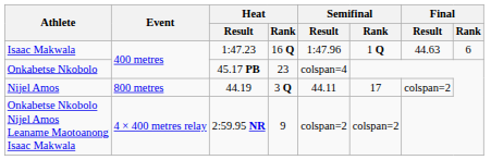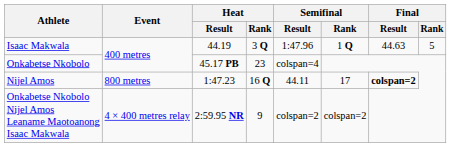 <table class="wikitable" style="font-size:90%">
 <tr>
 <th rowspan="2">Athlete</th>
 <th rowspan="2">Event</th>
 <th colspan="2">Heat</th>
 <th colspan="2">Semifinal</th>
 <th colspan="2">Final</th>
 </tr>
 <tr style="font-size:95%">
 <th>Result</th>
 <th>Rank</th>
 <th>Result</th>
 <th>Rank</th>
 <th>Result</th>
 <th>Rank</th>
 </tr>
 <tr style=text-align:center>
 <td style=text-align:left><a href='#'>Isaac Makwala</a></td>
 <td style=text-align:left rowspan=2><a href='#'>400 metres</a></td>
-<td>1:47.23</td>
-<td>16 <strong>Q</strong></td>
+<td>44.19</td>
+<td>3 <strong>Q</strong></td>
 <td>1:47.96</td>
 <td>1 <strong>Q</strong></td>
 <td>44.63</td>
-<td>6</td>
+<td>5</td>
 </tr>
 <tr style=text-align:center>
 <td style=text-align:left><a href='#'>Onkabetse Nkobolo</a></td>
 <td>45.17 <strong>PB</strong></td>
 <td>23</td>
 <td>colspan=4 </td>
 </tr>
 <tr style=text-align:center>
 <td style=text-align:left><a href='#'>Nijel Amos</a></td>
 <td style=text-align:left><a href='#'>800 metres</a></td>
-<td>44.19</td>
-<td>3 <strong>Q</strong></td>
+<td>1:47.23</td>
+<td>16 <strong>Q</strong></td>
 <td>44.11</td>
 <td>17</td>
-<td>colspan=2 </td>
+<td><strong>colspan=2 </strong></td>
 </tr>
 <tr style=text-align:center>
 <td style=text-align:left><a href='#'>Onkabetse Nkobolo</a><br><a href='#'>Nijel Amos</a><br><a href='#'>Leaname Maotoanong</a><br><a href='#'>Isaac Makwala</a></td>
 <td style=text-align:left><a href='#'>4 × 400 metres relay</a></td>
 <td>2:59.95 <strong><a href='#'>NR</a></strong></td>
 <td>9</td>
 <td>colspan=2 </td>
 <td>colspan=2 </td>
 </tr>
 </table>
